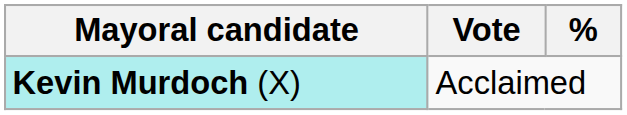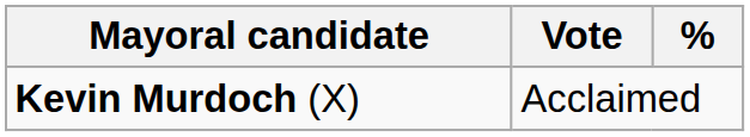 <table class="wikitable">
 <tr>
 <th width="200px">Mayoral candidate</th>
 <th width="50px">Vote</th>
 <th width="30px">%</th>
 </tr>
 <tr>
-<td style="background: paleturquoise;"><strong>Kevin Murdoch</strong> (X) </td>
+<td><strong>Kevin Murdoch</strong> (X) </td>
 <td colspan="2">Acclaimed</td>
 </tr>
 </table>
